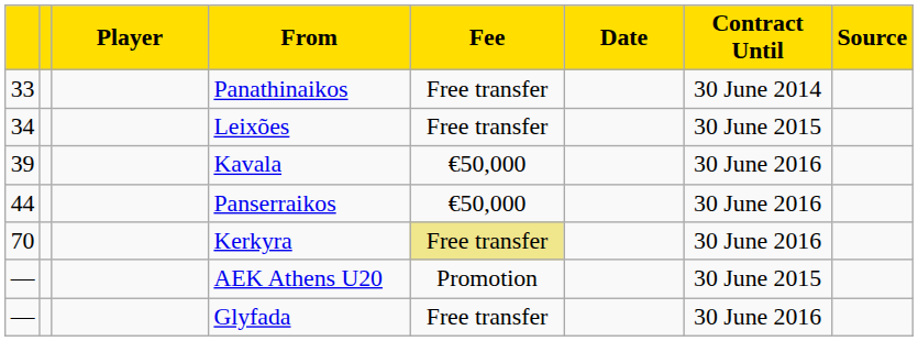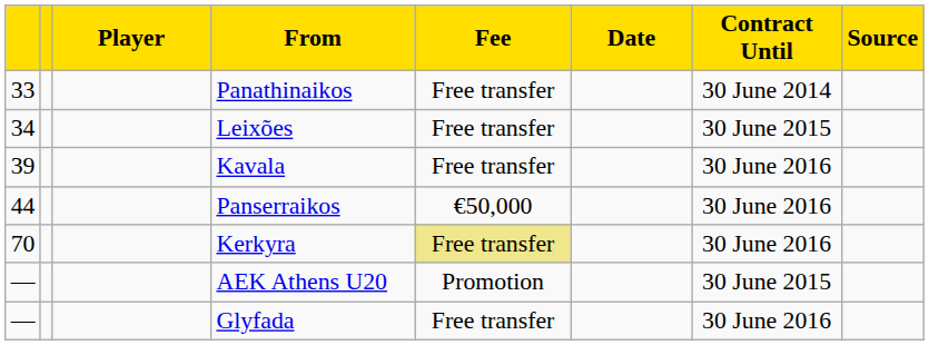 <table class="wikitable sortable">
 <tr>
 <th style="background:#FFDE00"></th>
 <th style="background:#FFDE00"></th>
 <th width=200 style="background:#FFDE00">Player</th>
 <th width=200 style="background:#FFDE00">From</th>
 <th width=150 style="background:#FFDE00">Fee</th>
 <th width=150 style="background:#FFDE00">Date</th>
 <th width=150 style="background:#FFDE00">Contract Until</th>
 <th style="background:#FFDE00">Source</th>
 </tr>
 <tr>
 <td align=center>33</td>
 <td align=center></td>
 <td></td>
 <td> <a href='#'>Panathinaikos</a></td>
 <td align=center>Free transfer</td>
 <td align=center></td>
 <td align=center>30 June 2014</td>
 <td align=center></td>
 </tr>
 <tr>
 <td align=center>34</td>
 <td align=center></td>
 <td></td>
 <td> <a href='#'>Leixões</a></td>
 <td align=center>Free transfer</td>
 <td align=center></td>
 <td align=center>30 June 2015</td>
 <td align=center></td>
 </tr>
 <tr>
 <td align=center>39</td>
 <td align=center></td>
 <td></td>
 <td> <a href='#'>Kavala</a></td>
-<td align=center>€50,000</td>
+<td align=center>Free transfer</td>
 <td align=center></td>
 <td align=center>30 June 2016</td>
 <td align=center></td>
 </tr>
 <tr>
 <td align=center>44</td>
 <td align=center></td>
 <td></td>
 <td> <a href='#'>Panserraikos</a></td>
 <td align=center>€50,000</td>
 <td align=center></td>
 <td align=center>30 June 2016</td>
 <td align=center></td>
 </tr>
 <tr>
 <td align=center>70</td>
 <td align=center></td>
 <td></td>
 <td> <a href='#'>Kerkyra</a></td>
 <td align=center style="background: khaki;">Free transfer</td>
 <td align=center></td>
 <td align=center>30 June 2016</td>
 <td align=center></td>
 </tr>
 <tr>
 <td align=center>—</td>
 <td align=center></td>
 <td></td>
 <td> <a href='#'>AEK Athens U20</a></td>
 <td align=center>Promotion</td>
 <td align=center></td>
 <td align=center>30 June 2015</td>
 <td align=center></td>
 </tr>
 <tr>
 <td align=center>—</td>
 <td align=center></td>
 <td></td>
 <td> <a href='#'>Glyfada</a></td>
 <td align=center>Free transfer</td>
 <td align=center></td>
 <td align=center>30 June 2016</td>
 <td align=center></td>
 </tr>
 </table>
